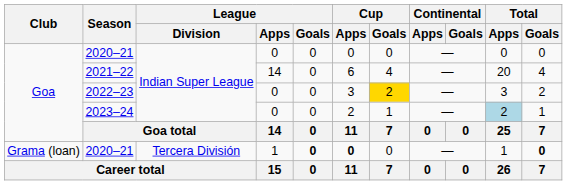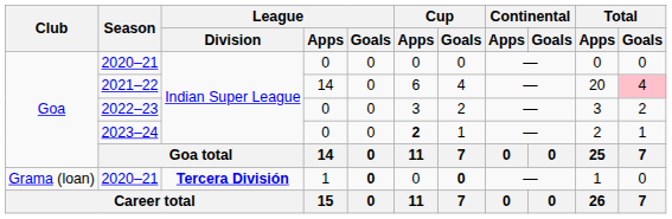 <table class="wikitable" style="text-align:center">
 <tr>
 <th rowspan="2">Club</th>
 <th rowspan="2">Season</th>
 <th colspan="3">League</th>
 <th colspan="2">Cup</th>
 <th colspan="2">Continental</th>
 <th colspan="2">Total</th>
 </tr>
 <tr>
 <th>Division</th>
 <th>Apps</th>
 <th>Goals</th>
 <th>Apps</th>
 <th>Goals</th>
 <th>Apps</th>
 <th>Goals</th>
 <th>Apps</th>
 <th>Goals</th>
 </tr>
 <tr>
 <td rowspan="5"><a href='#'>Goa</a></td>
 <td><a href='#'>2020–21</a></td>
 <td rowspan="4"><a href='#'>Indian Super League</a></td>
 <td>0</td>
 <td>0</td>
 <td>0</td>
 <td>0</td>
 <td colspan="2">—</td>
 <td>0</td>
 <td>0</td>
 </tr>
 <tr>
 <td><a href='#'>2021–22</a></td>
 <td>14</td>
 <td>0</td>
 <td>6</td>
 <td>4</td>
 <td colspan="2">—</td>
 <td>20</td>
-<td>4</td>
+<td style="background: pink;">4</td>
 </tr>
 <tr>
 <td><a href='#'>2022–23</a></td>
 <td>0</td>
 <td>0</td>
 <td>3</td>
-<td style="background: gold;">2</td>
+<td>2</td>
 <td colspan="2">—</td>
 <td>3</td>
 <td>2</td>
 </tr>
 <tr>
 <td><a href='#'>2023–24</a></td>
 <td>0</td>
 <td>0</td>
-<td>2</td>
+<td><strong>2</strong></td>
 <td>1</td>
 <td colspan="2">—</td>
-<td style="background: lightblue;">2</td>
+<td>2</td>
 <td>1</td>
 </tr>
 <tr>
 <th colspan="2">Goa total</th>
 <th>14</th>
 <th>0</th>
 <th>11</th>
 <th>7</th>
 <th>0</th>
 <th>0</th>
 <th>25</th>
 <th>7</th>
 </tr>
 <tr>
 <td rowspan="1"><a href='#'>Grama</a> (loan)</td>
 <td><a href='#'>2020–21</a></td>
-<td rowspan="1"><a href='#'>Tercera División</a></td>
+<td rowspan="1"><strong><a href='#'>Tercera División</a></strong></td>
 <td>1</td>
 <td><strong>0</strong></td>
+<td>0</td>
 <td><strong>0</strong></td>
-<td>0</td>
 <td colspan="2">—</td>
 <td>1</td>
-<td><strong>0</strong></td>
+<td>0</td>
 </tr>
 <tr>
 <th colspan="3">Career total</th>
 <th>15</th>
 <th>0</th>
 <th>11</th>
 <th>7</th>
 <th>0</th>
 <th>0</th>
 <th>26</th>
 <th>7</th>
 </tr>
 </table>
